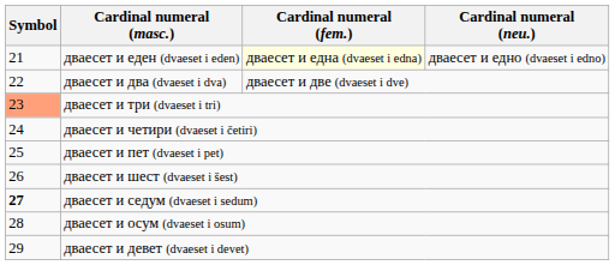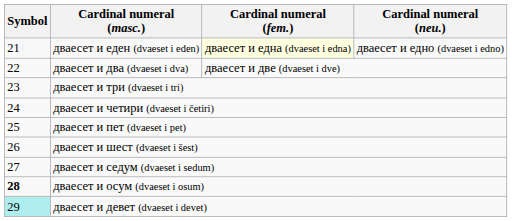 <table class="wikitable" align="center">
 <tr>
 <th>Symbol</th>
 <th>Cardinal numeral <br> (<em>masc.</em>)</th>
 <th>Cardinal numeral <br> (<em>fem.</em>)</th>
 <th>Cardinal numeral <br> (<em>neu.</em>)</th>
 </tr>
 <tr>
 <td>21</td>
 <td>дваесет и еден <small>(dvaeset i eden)</small></td>
 <td style="background: lightyellow;">дваесет и една <small>(dvaeset i edna)</small></td>
 <td>дваесет и едно <small>(dvaeset i edno)</small></td>
 </tr>
 <tr>
 <td>22</td>
 <td>дваесет и два <small>(dvaeset i dva)</small></td>
 <td colspan="2">дваесет и две <small>(dvaeset i dve)</small></td>
 </tr>
 <tr>
-<td style="background: lightsalmon;">23</td>
+<td>23</td>
 <td colspan="3">дваесет и три  <small>(dvaeset i tri)</small></td>
 </tr>
 <tr>
 <td>24</td>
 <td colspan="3">дваесет и четири <small>(dvaeset i četiri)</small></td>
 </tr>
 <tr>
 <td>25</td>
 <td colspan="3">дваесет и пет <small>(dvaeset i pet)</small></td>
 </tr>
 <tr>
 <td>26</td>
 <td colspan="3">дваесет и шест <small>(dvaeset i šest)</small></td>
 </tr>
 <tr>
-<td><strong>27</strong></td>
+<td>27</td>
 <td colspan="3">дваесет и седум <small>(dvaeset i sedum)</small></td>
 </tr>
 <tr>
-<td>28</td>
+<td><strong>28</strong></td>
 <td colspan="3">дваесет и осум <small>(dvaeset i osum)</small></td>
 </tr>
 <tr>
-<td>29</td>
+<td style="background: paleturquoise;">29</td>
 <td colspan="3">дваесет и девет <small>(dvaeset i devet)</small></td>
 </tr>
 </table>
